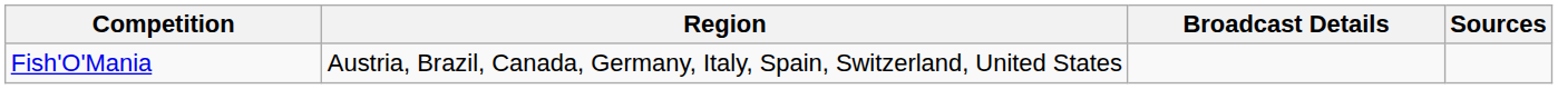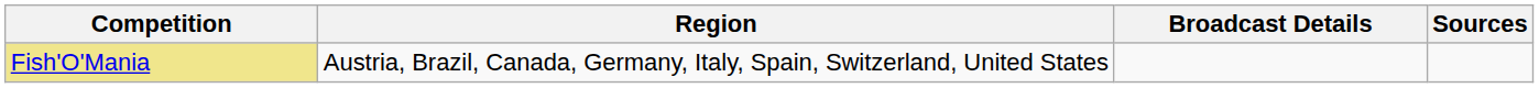 <table class="wikitable">
 <tr>
 <th width="200">Competition</th>
 <th>Region</th>
 <th width="200">Broadcast Details</th>
 <th>Sources</th>
 </tr>
 <tr>
-<td><a href='#'>Fish'O'Mania</a></td>
+<td style="background: khaki;"><a href='#'>Fish'O'Mania</a></td>
 <td>Austria, Brazil, Canada, Germany, Italy, Spain, Switzerland, United States</td>
 <td></td>
 </tr>
 </table>
